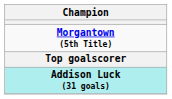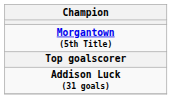 <table class="wikitable" style="margin: 0 auto; width: 220px;">
 <tr>
 <th>Champion</th>
 </tr>
 <tr>
 <th></th>
 </tr>
 <tr>
 <td align="center"><strong><a href='#'>Morgantown</a></strong><br><small><strong>(5th Title)</strong></small></td>
 </tr>
 <tr>
 <th>Top goalscorer</th>
 </tr>
 <tr>
-<td align="center" style="background: paleturquoise;"><strong>Addison Luck</strong><br><small><strong>(31 goals)</strong></small></td>
+<td align="center"><strong>Addison Luck</strong><br><small><strong>(31 goals)</strong></small></td>
 </tr>
 <tr>
 </tr>
 </table>
